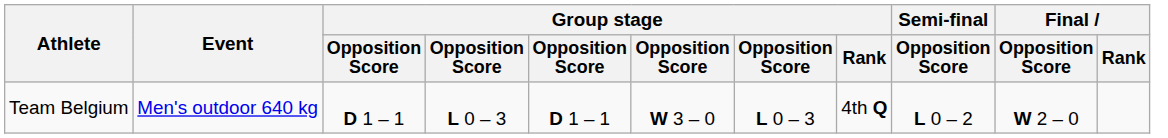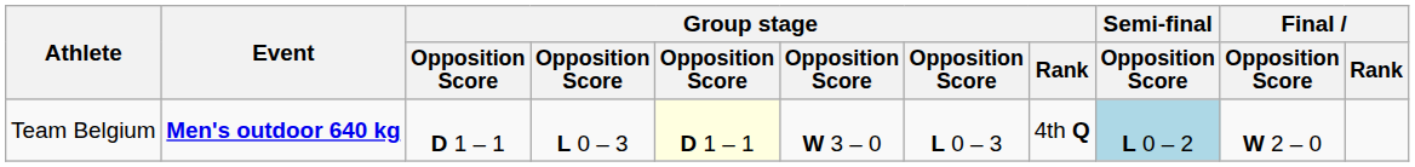 <table class="wikitable" style="font-size:90%">
 <tr>
 <th rowspan=2>Athlete</th>
 <th rowspan=2>Event</th>
 <th colspan=6>Group stage</th>
 <th>Semi-final</th>
 <th colspan=2>Final / </th>
 </tr>
 <tr style="font-size:95%">
 <th>Opposition<br>Score</th>
 <th>Opposition<br>Score</th>
 <th>Opposition<br>Score</th>
 <th>Opposition<br>Score</th>
 <th>Opposition<br>Score</th>
 <th>Rank</th>
 <th>Opposition<br>Score</th>
 <th>Opposition<br>Score</th>
 <th>Rank</th>
 </tr>
 <tr align=center>
 <td align=left>Team Belgium</td>
-<td align=left><a href='#'>Men's outdoor 640 kg</a></td>
+<td align=left><strong><a href='#'>Men's outdoor 640 kg</a></strong></td>
 <td><br> <strong>D</strong> 1 – 1</td>
 <td><br> <strong>L</strong> 0 – 3</td>
-<td><br> <strong>D</strong> 1 – 1</td>
+<td style="background: lightyellow;"><br> <strong>D</strong> 1 – 1</td>
 <td><br> <strong>W</strong> 3 – 0</td>
 <td><br> <strong>L</strong> 0 – 3</td>
 <td>4th <strong>Q</strong></td>
-<td><br> <strong>L</strong> 0 – 2</td>
+<td style="background: lightblue;"><br> <strong>L</strong> 0 – 2</td>
 <td><br> <strong>W</strong> 2 – 0</td>
 <td></td>
 </tr>
 </table>
